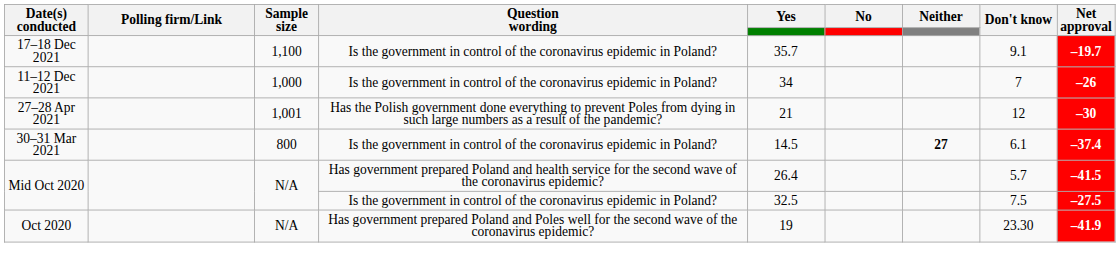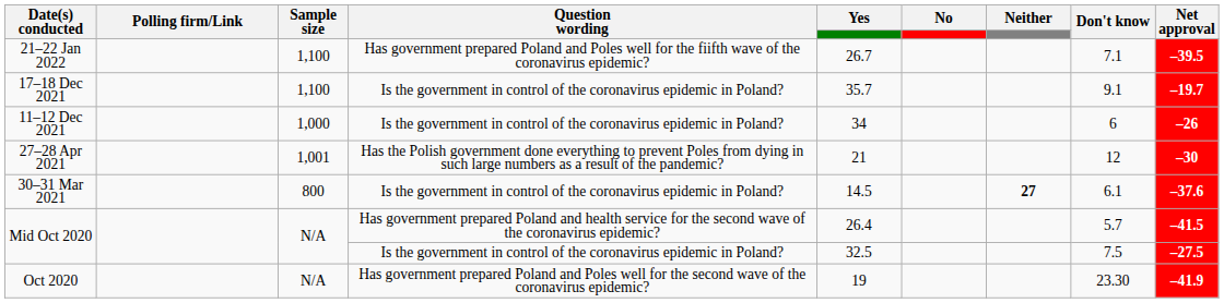 <table class="wikitable collapsible sortable" style="text-align:center; font-size:95%; line-height:14px">
 <tr>
 <th rowspan="2">Date(s)<br>conducted</th>
 <th rowspan="2" style="width:180px;">Polling firm/Link</th>
 <th rowspan="2">Sample size</th>
 <th rowspan="2">Question<br>wording</th>
 <th class="unsortable" style="width:80px;">Yes</th>
 <th class="unsortable" style="width:80px;">No</th>
 <th class="unsortable" style="width:80px;">Neither</th>
 <th class="unsortable" style="width:80px;" rowspan="2">Don't know</th>
 <th class="unsortable" style="width:20px;" rowspan="2">Net approval</th>
 </tr>
 <tr>
 <th class="unsortable" style="background:green;width:60px;"></th>
 <th class="unsortable" style="background:red;width:60px;"></th>
 <th class="unsortable" style="background:grey;width:60px;"></th>
+</tr>
+<tr>
+<td data-sort-value="2022–01–22">21–22 Jan 2022</td>
+<td></td>
+<td>1,100</td>
+<td>Has government prepared Poland and Poles well for the fiifth wave of the coronavirus epidemic?</td>
+<td>26.7</td>
+<td></td>
+<td></td>
+<td>7.1</td>
+<td style="background:red;color:white;"><strong>–39.5</strong></td>
 </tr>
 <tr>
 <td data-sort-value="2021–12–18">17–18 Dec 2021</td>
 <td></td>
 <td>1,100</td>
 <td>Is the government in control of the coronavirus epidemic in Poland?</td>
 <td>35.7</td>
 <td></td>
 <td></td>
 <td>9.1</td>
 <td style="background:red;color:white;"><strong>–19.7</strong></td>
 </tr>
 <tr>
 <td data-sort-value="2021–12–12">11–12 Dec 2021</td>
 <td> </td>
 <td>1,000</td>
 <td>Is the government in control of the coronavirus epidemic in Poland?</td>
 <td>34</td>
 <td></td>
 <td></td>
-<td>7</td>
+<td>6</td>
 <td style="background:red;color:white;"><strong>–26</strong></td>
 </tr>
 <tr>
 <td data-sort-value="2021–04–28">27–28 Apr 2021</td>
 <td></td>
 <td>1,001</td>
 <td>Has the Polish government done everything to prevent Poles from dying in such large numbers as a result of the pandemic?</td>
 <td>21</td>
 <td></td>
 <td></td>
 <td>12</td>
 <td style="background:red;color:white;"><strong>–30</strong></td>
 </tr>
 <tr>
 <td data-sort-value="2021–03–31">30–31 Mar 2021</td>
 <td></td>
 <td>800</td>
 <td>Is the government in control of the coronavirus epidemic in Poland?</td>
 <td>14.5</td>
 <td></td>
 <td><strong>27</strong></td>
 <td>6.1</td>
-<td style="background:red;color:white;"><strong>–37.4</strong></td>
+<td style="background:red;color:white;"><strong>–37.6</strong></td>
 </tr>
 <tr>
 <td rowspan=2 data-sort-value="2020–10–20">Mid Oct 2020</td>
 <td rowspan=2></td>
 <td rowspan=2>N/A</td>
 <td>Has government prepared Poland and health service for the second wave of the coronavirus epidemic?</td>
 <td>26.4</td>
 <td></td>
 <td></td>
 <td>5.7</td>
 <td style="background:red;color:white;"><strong>–41.5</strong></td>
 </tr>
 <tr>
 <td>Is the government in control of the coronavirus epidemic in Poland?</td>
 <td>32.5</td>
 <td></td>
 <td></td>
 <td>7.5</td>
 <td style="background:red;color:white;"><strong>–27.5</strong></td>
 </tr>
 <tr>
 <td data-sort-value="2020–10–12">Oct 2020</td>
 <td></td>
 <td>N/A</td>
 <td>Has government prepared Poland and Poles well for the second wave of the coronavirus epidemic?</td>
 <td>19</td>
 <td></td>
 <td></td>
 <td>23.30</td>
 <td style="background:red;color:white;"><strong>–41.9</strong></td>
 </tr>
 </table>
